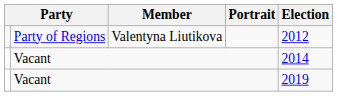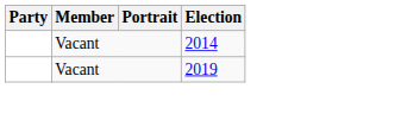 <table class="wikitable">
 <tr>
 <th colspan="2">Party</th>
 <th>Member</th>
 <th>Portrait</th>
 <th>Election</th>
-</tr>
-<tr>
-<td style="background-color: "></td>
-<td><a href='#'>Party of Regions</a></td>
-<td>Valentyna Liutikova</td>
-<td></td>
-<td><a href='#'>2012</a></td>
 </tr>
 <tr>
 <td style="background-color: white"></td>
 <td colspan=3>Vacant</td>
 <td><a href='#'>2014</a></td>
 </tr>
 <tr>
 <td style="background-color: white"></td>
 <td colspan=3>Vacant</td>
 <td><a href='#'>2019</a></td>
 </tr>
 </table>
